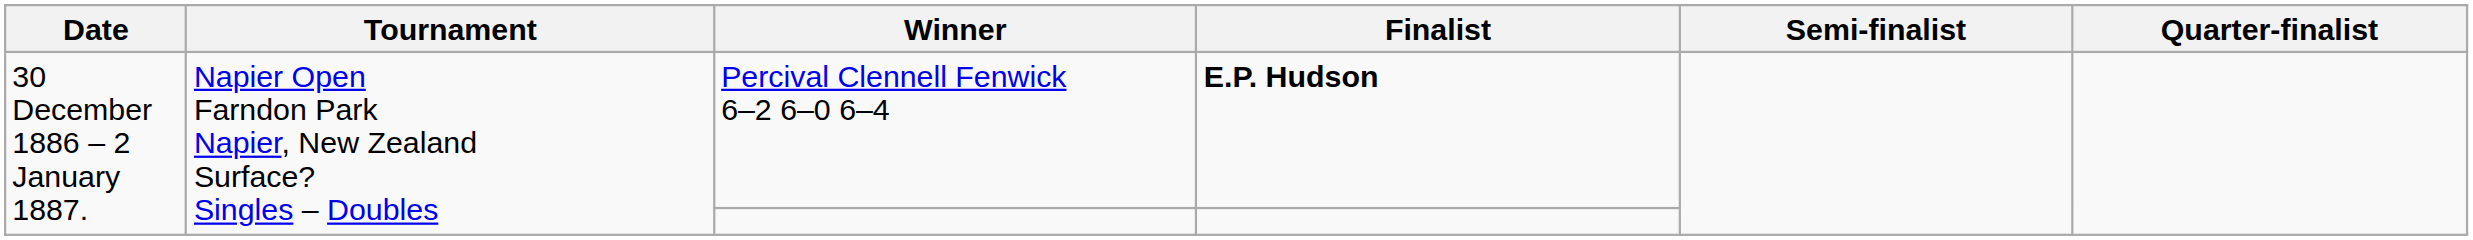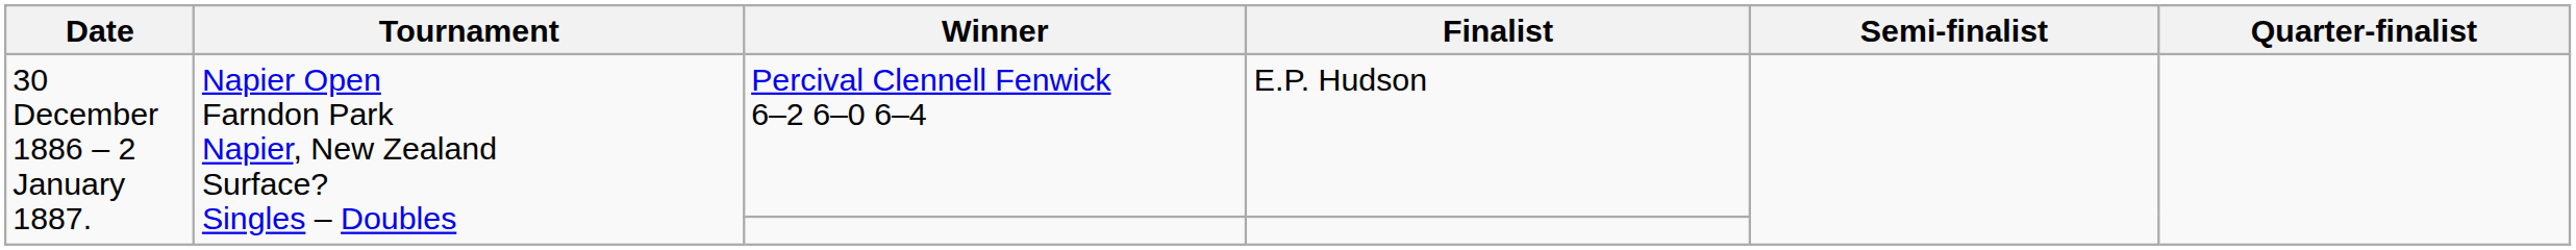 <table class="wikitable" style="font-size:85%;">
 <tr>
 <th width="75">Date</th>
 <th width="230">Tournament</th>
 <th width="210">Winner</th>
 <th width="210">Finalist</th>
 <th width="170">Semi-finalist</th>
 <th width="170">Quarter-finalist</th>
 </tr>
 <tr valign=top>
 <td rowspan=2>30 December 1886 – 2 January 1887.</td>
 <td rowspan=2><a href='#'>Napier Open</a><br>Farndon Park<br><a href='#'>Napier</a>, New Zealand<br>Surface?<br><a href='#'>Singles</a> – <a href='#'>Doubles</a></td>
 <td> <a href='#'>Percival Clennell Fenwick</a><br>6–2 6–0 6–4</td>
-<td><strong> E.P. Hudson</strong></td>
+<td> E.P. Hudson</td>
 <td rowspan=2></td>
 <td rowspan=2></td>
 </tr>
 <tr valign=top>
 <td></td>
 <td></td>
 </tr>
 </table>
